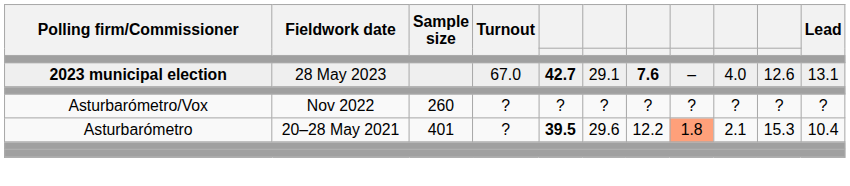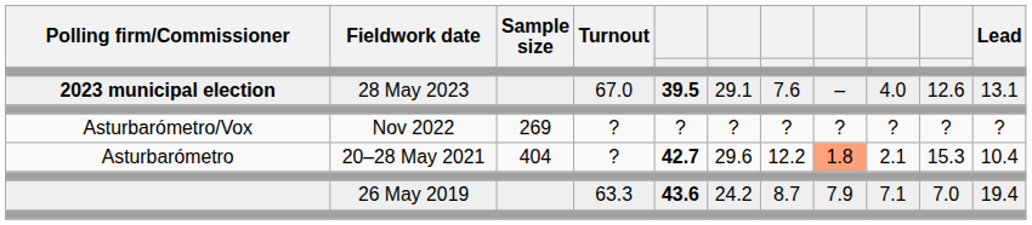 <table class="wikitable collapsible collapsed" style="text-align:center; font-size:95%; line-height:16px;">
 <tr style="height:42px;">
 <th style="width:250px;" rowspan="2">Polling firm/Commissioner</th>
 <th style="width:125px;" rowspan="2">Fieldwork date</th>
 <th style="width:50px;" rowspan="2">Sample size</th>
 <th style="width:45px;" rowspan="2">Turnout</th>
 <th style="width:35px;"></th>
 <th style="width:35px;"></th>
 <th style="width:35px;"></th>
 <th style="width:35px;"></th>
 <th style="width:35px;"></th>
 <th style="width:35px;"></th>
 <th style="width:30px;" rowspan="2">Lead</th>
 </tr>
 <tr>
 <th style="color:inherit;background:"></th>
 <th style="color:inherit;background:"></th>
 <th style="color:inherit;background:"></th>
 <th style="color:inherit;background:"></th>
 <th style="color:inherit;background:"></th>
 <th style="color:inherit;background:"></th>
 </tr>
 <tr>
 <td colspan="11" style="background:#A0A0A0"></td>
 </tr>
 <tr style="background:#EFEFEF;">
 <td><strong>2023 municipal election</strong></td>
 <td>28 May 2023</td>
 <td></td>
 <td>67.0</td>
-<td><strong>42.7</strong><br></td>
+<td><strong>39.5</strong><br></td>
 <td>29.1<br></td>
-<td><strong>7.6<br></strong></td>
+<td>7.6<br></td>
 <td>–</td>
 <td>4.0<br></td>
 <td>12.6<br></td>
 <td style="background:">13.1</td>
 </tr>
 <tr>
 <td colspan="11" style="background:#A0A0A0"></td>
 </tr>
 <tr>
 <td>Asturbarómetro/Vox</td>
 <td>Nov 2022</td>
-<td>260</td>
+<td>269</td>
 <td>?</td>
 <td>?<br></td>
 <td>?<br></td>
 <td>?<br></td>
 <td>?<br></td>
 <td>?<br></td>
 <td>?<br></td>
 <td style="background:">?</td>
 </tr>
 <tr>
 <td>Asturbarómetro</td>
 <td>20–28 May 2021</td>
-<td>401</td>
+<td>404</td>
 <td>?</td>
-<td><strong>39.5</strong><br></td>
+<td><strong>42.7</strong><br></td>
 <td>29.6<br></td>
 <td>12.2<br></td>
 <td style="background: lightsalmon;">1.8<br></td>
 <td>2.1<br></td>
 <td>15.3<br></td>
 <td style="background:">10.4</td>
 </tr>
 <tr>
 <td colspan="11" style="background:#A0A0A0"></td>
 </tr>
+<tr style="background:#EFEFEF;">
+<td><strong></strong></td>
+<td>26 May 2019</td>
+<td></td>
+<td>63.3</td>
+<td><strong>43.6</strong><br></td>
+<td>24.2<br></td>
+<td>8.7<br></td>
+<td>7.9<br></td>
+<td>7.1<br></td>
+<td>7.0<br></td>
+<td style="background:">19.4</td>
+</tr>
 <tr>
 <td colspan="11" style="background:#A0A0A0"></td>
 </tr>
 </table>
